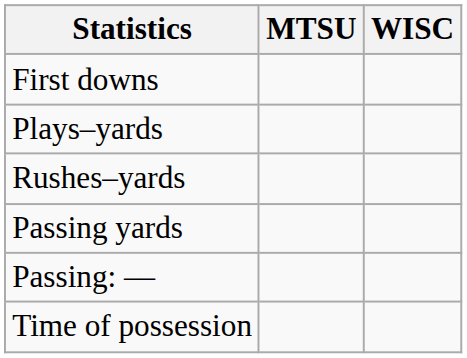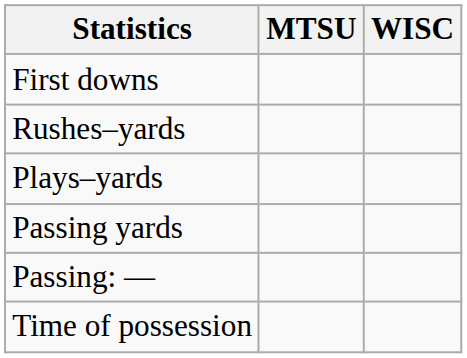 <table class="wikitable" style="float:left">
 <tr>
 <th>Statistics</th>
 <th>MTSU</th>
 <th>WISC</th>
 </tr>
 <tr>
 <td>First downs</td>
 <td></td>
 <td></td>
 </tr>
 <tr>
-<td>Plays–yards</td>
+<td>Rushes–yards</td>
 <td></td>
 <td></td>
 </tr>
 <tr>
-<td>Rushes–yards</td>
+<td>Plays–yards</td>
 <td></td>
 <td></td>
 </tr>
 <tr>
 <td>Passing yards</td>
 <td></td>
 <td></td>
 </tr>
 <tr>
 <td>Passing: ––</td>
 <td></td>
 <td></td>
 </tr>
 <tr>
 <td>Time of possession</td>
 <td></td>
 <td></td>
 </tr>
 </table>
